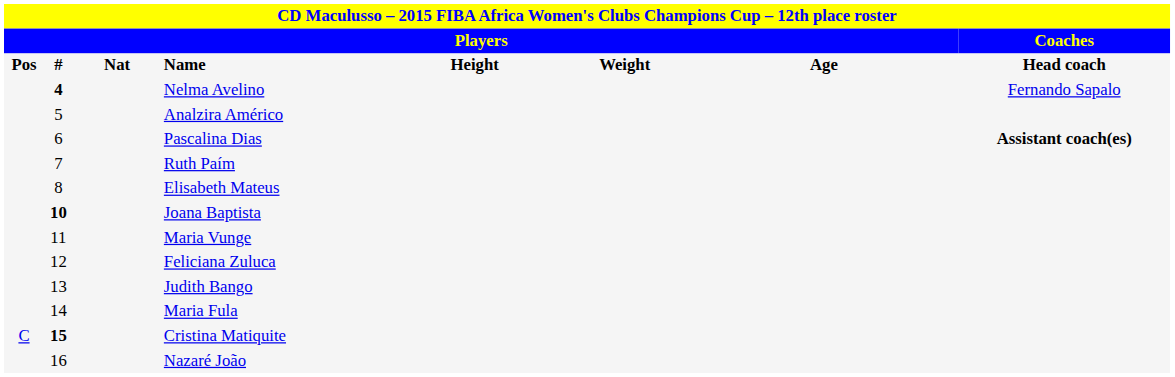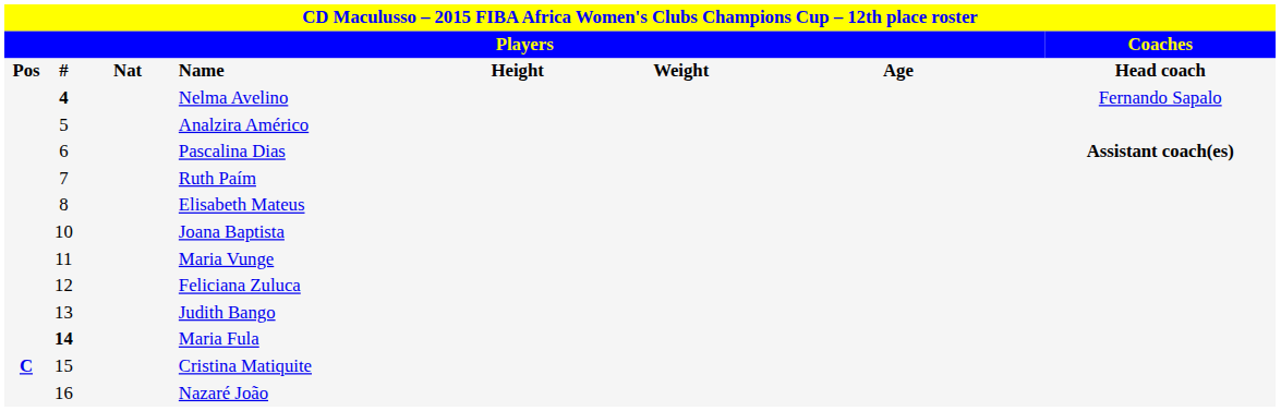 <table border=0 cellpadding=2 cellspacing=0  |- bgcolor=#f5f5f5 style="text-align:center; font-size:85%;" width=75%>
 <tr>
 <td colspan="8" style="background: yellow; color: blue"><strong>CD Maculusso – 2015 FIBA Africa Women's Clubs Champions Cup – 12th place roster</strong></td>
 </tr>
 <tr>
 <td colspan="7" style="background: blue; color: yellow"><strong>Players</strong></td>
 <td style="background: blue; color: yellow"><strong>Coaches</strong></td>
 </tr>
 <tr style="background=#f5f5f5; color: black">
 <th width=5px>Pos</th>
 <th width=5px>#</th>
 <th width=50px>Nat</th>
 <th width=135px align=left>Name</th>
 <th width=100px>Height</th>
 <th width=75px>Weight</th>
 <th width=160px>Age</th>
 <th width=125px>Head coach</th>
 </tr>
 <tr>
 <td></td>
 <td><strong>4</strong></td>
 <td></td>
 <td align=left><a href='#'>Nelma Avelino</a></td>
 <td></td>
 <td></td>
 <td><span></span></td>
 <td> <a href='#'>Fernando Sapalo</a></td>
 </tr>
 <tr>
 <td></td>
 <td>5</td>
 <td></td>
 <td align=left><a href='#'>Analzira Américo</a></td>
 <td></td>
 <td></td>
 <td><span></span></td>
 </tr>
 <tr>
 <td></td>
 <td>6</td>
 <td></td>
 <td align=left><a href='#'>Pascalina Dias</a></td>
 <td></td>
 <td></td>
 <td><span></span></td>
 <td><strong>Assistant coach(es)</strong></td>
 </tr>
 <tr>
 <td></td>
 <td>7</td>
 <td></td>
 <td align=left><a href='#'>Ruth Paím</a></td>
 <td></td>
 <td></td>
 <td><span></span></td>
 </tr>
 <tr>
 <td></td>
 <td>8</td>
 <td></td>
 <td align=left><a href='#'>Elisabeth Mateus</a></td>
 <td></td>
 <td></td>
 <td><span></span></td>
 </tr>
 <tr>
 <td></td>
-<td><strong>10</strong></td>
+<td>10</td>
 <td></td>
 <td align=left><a href='#'>Joana Baptista</a></td>
 <td></td>
 <td></td>
 <td><span></span></td>
 </tr>
 <tr>
 <td></td>
 <td>11</td>
 <td></td>
 <td align=left><a href='#'>Maria Vunge</a></td>
 <td></td>
 <td></td>
 <td><span></span></td>
 </tr>
 <tr>
 <td></td>
 <td>12</td>
 <td></td>
 <td align=left><a href='#'>Feliciana Zuluca</a></td>
 <td></td>
 <td></td>
 <td><span></span></td>
 </tr>
 <tr>
 <td></td>
 <td>13</td>
 <td></td>
 <td align=left><a href='#'>Judith Bango</a></td>
 <td></td>
 <td></td>
 <td><span></span></td>
 </tr>
 <tr>
 <td></td>
-<td>14</td>
+<td><strong>14</strong></td>
 <td></td>
 <td align=left><a href='#'>Maria Fula</a></td>
 <td></td>
 <td></td>
 <td><span></span></td>
 </tr>
 <tr>
-<td><a href='#'>C</a></td>
-<td><strong>15</strong></td>
+<td><strong><a href='#'>C</a></strong></td>
+<td>15</td>
 <td></td>
 <td align=left><a href='#'>Cristina Matiquite</a></td>
 <td></td>
 <td></td>
 <td><span></span></td>
 </tr>
 <tr>
 <td></td>
 <td>16</td>
 <td></td>
 <td align=left><a href='#'>Nazaré João</a></td>
 <td></td>
 <td></td>
 <td><span></span></td>
 </tr>
 </table>
